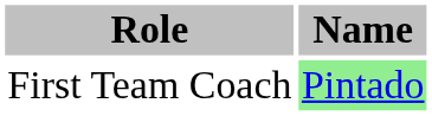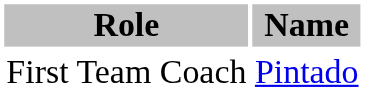 <table class="toccolours">
 <tr>
 <th style="background:silver;">Role</th>
 <th style="background:silver;">Name</th>
 </tr>
 <tr>
 <td>First Team Coach</td>
-<td style="background: lightgreen;"> <a href='#'>Pintado</a></td>
+<td> <a href='#'>Pintado</a></td>
 </tr>
 </table>
